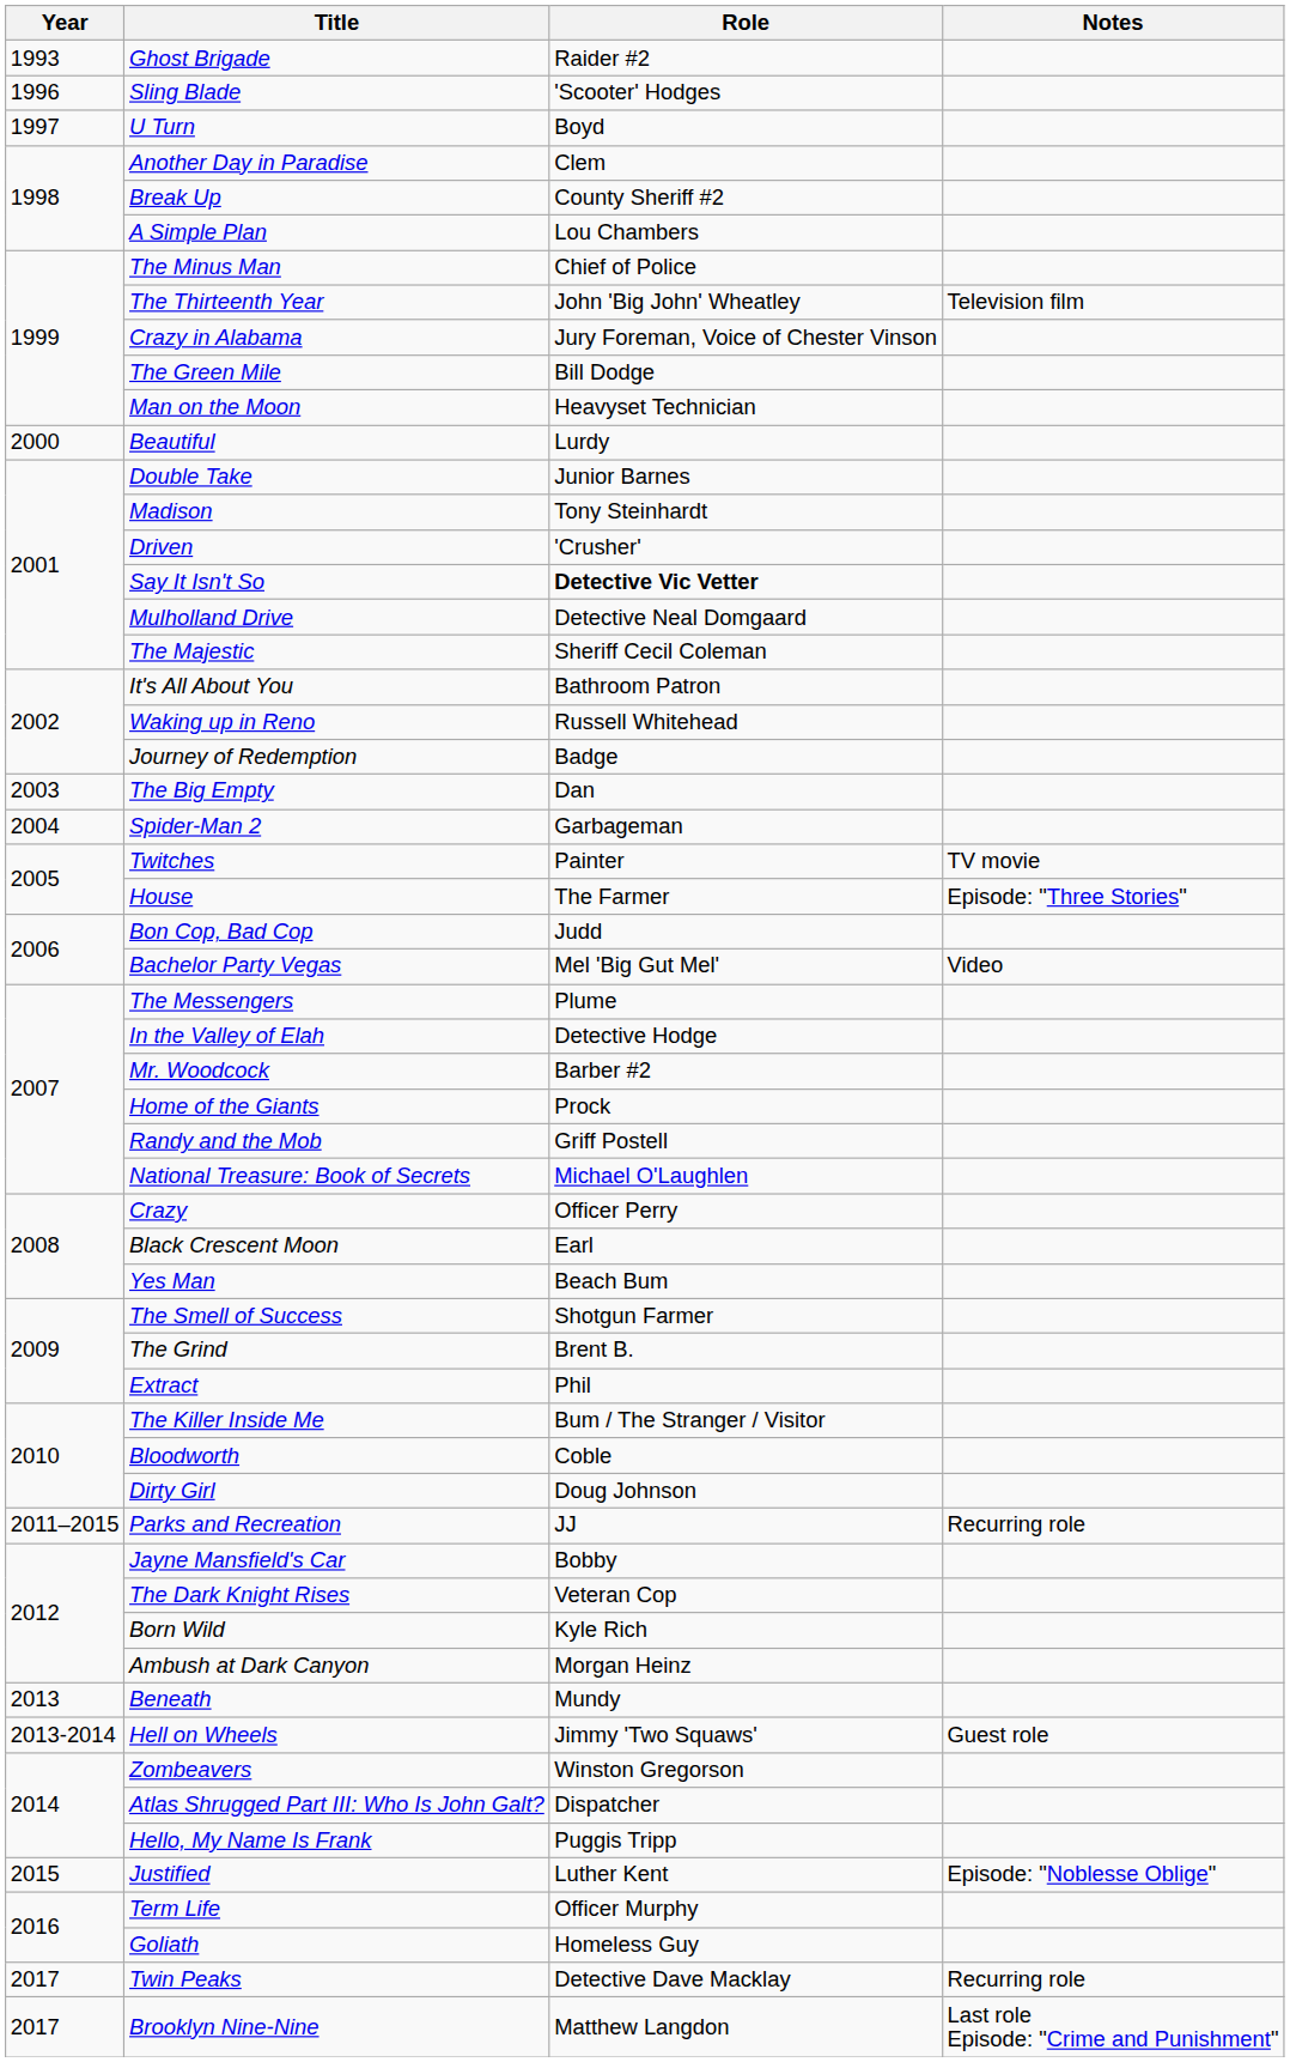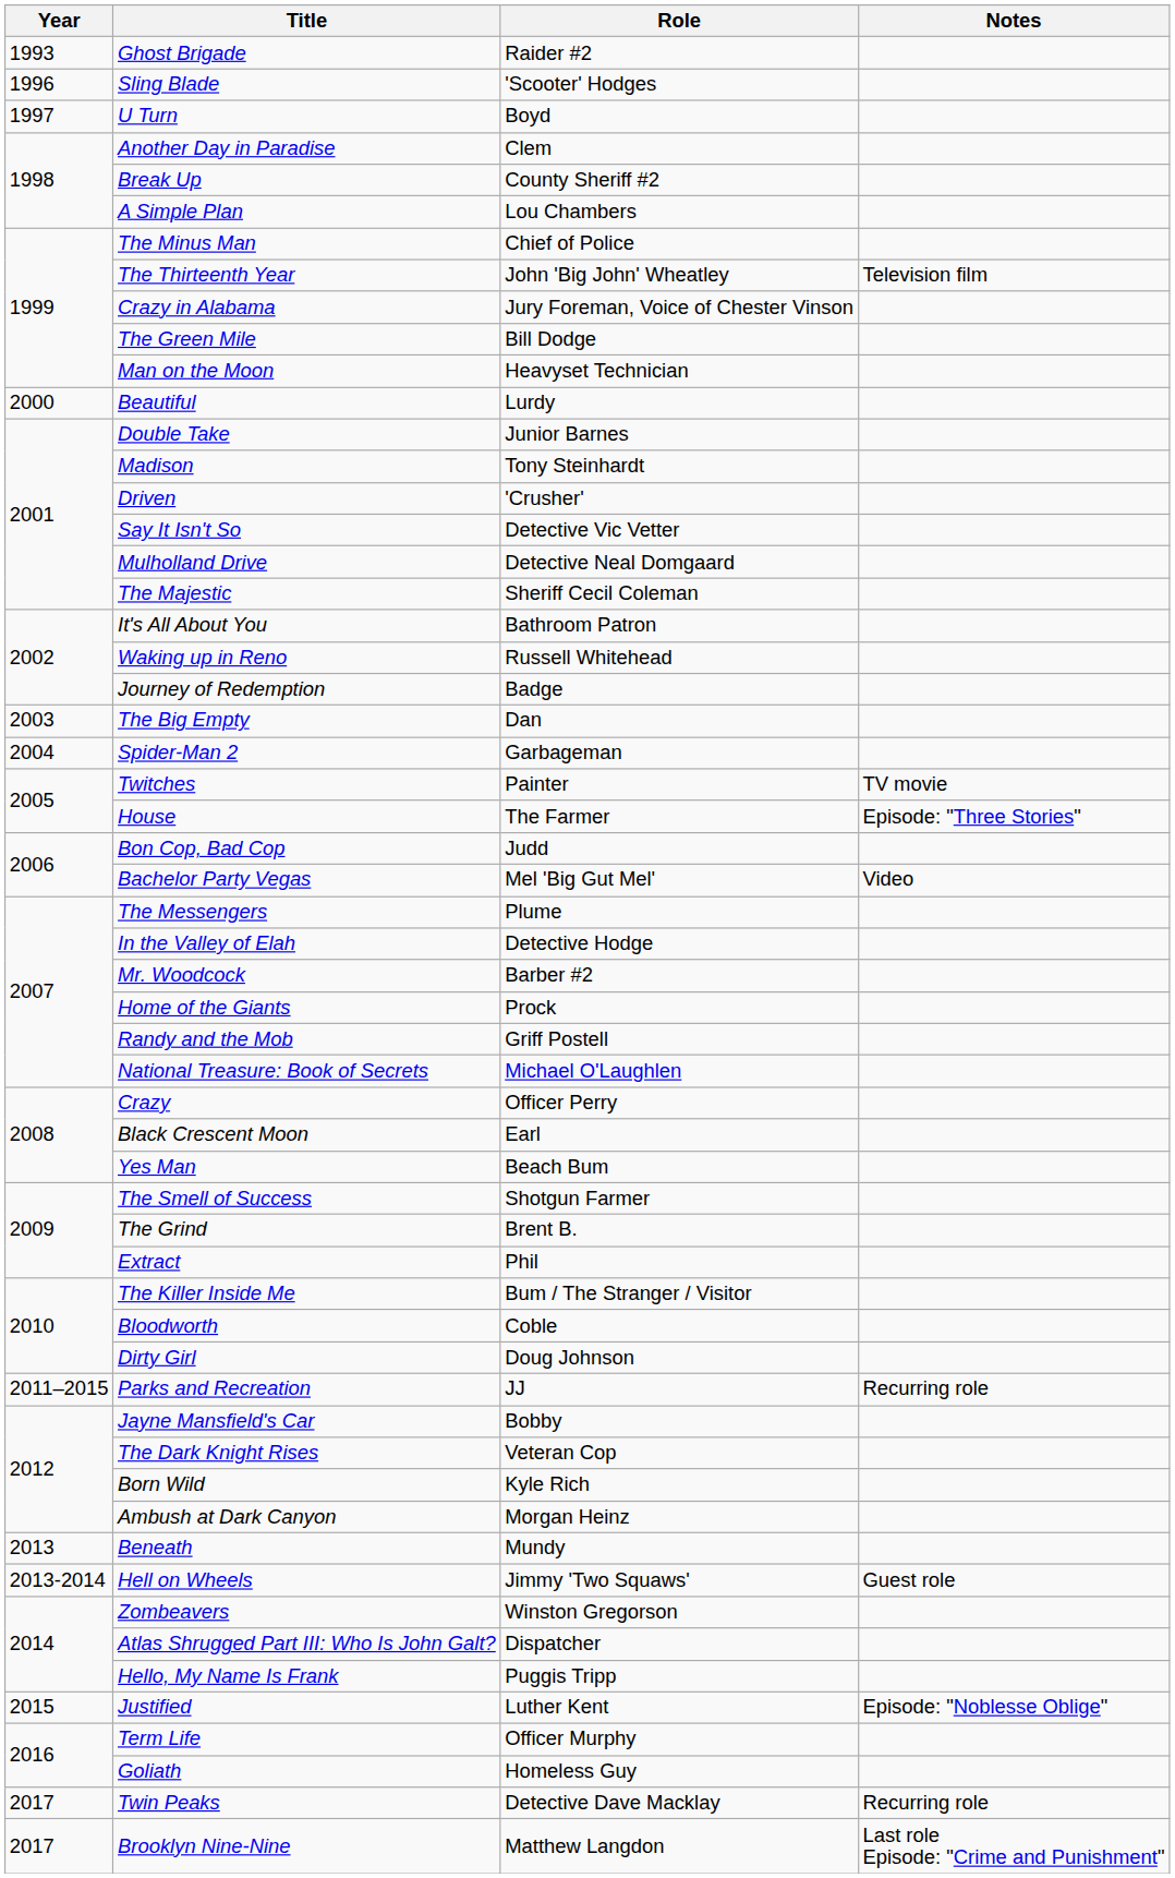 <table class=wikitable>
 <tr>
 <th>Year</th>
 <th>Title</th>
 <th>Role</th>
 <th>Notes</th>
 </tr>
 <tr>
 <td>1993</td>
 <td><em><a href='#'>Ghost Brigade</a></em></td>
 <td>Raider #2</td>
 <td></td>
 </tr>
 <tr>
 <td>1996</td>
 <td><em><a href='#'>Sling Blade</a></em></td>
 <td>'Scooter' Hodges</td>
 <td></td>
 </tr>
 <tr>
 <td>1997</td>
 <td><em><a href='#'>U Turn</a></em></td>
 <td>Boyd</td>
 <td></td>
 </tr>
 <tr>
 <td rowspan=3>1998</td>
 <td><em><a href='#'>Another Day in Paradise</a></em></td>
 <td>Clem</td>
 <td></td>
 </tr>
 <tr>
 <td><em><a href='#'>Break Up</a></em></td>
 <td>County Sheriff #2</td>
 <td></td>
 </tr>
 <tr>
 <td><em><a href='#'>A Simple Plan</a></em></td>
 <td>Lou Chambers</td>
 <td></td>
 </tr>
 <tr>
 <td rowspan=5>1999</td>
 <td><em><a href='#'>The Minus Man</a></em></td>
 <td>Chief of Police</td>
 <td></td>
 </tr>
 <tr>
 <td><em><a href='#'>The Thirteenth Year</a></em></td>
 <td>John 'Big John' Wheatley</td>
 <td>Television film</td>
 </tr>
 <tr>
 <td><em><a href='#'>Crazy in Alabama</a></em></td>
 <td>Jury Foreman, Voice of Chester Vinson</td>
 <td></td>
 </tr>
 <tr>
 <td><em> <a href='#'>The Green Mile</a></em></td>
 <td>Bill Dodge</td>
 <td></td>
 </tr>
 <tr>
 <td><em><a href='#'>Man on the Moon</a></em></td>
 <td>Heavyset Technician</td>
 <td></td>
 </tr>
 <tr>
 <td>2000</td>
 <td><em><a href='#'>Beautiful</a></em></td>
 <td>Lurdy</td>
 <td></td>
 </tr>
 <tr>
 <td rowspan=6>2001</td>
 <td><em><a href='#'>Double Take</a></em></td>
 <td>Junior Barnes</td>
 <td></td>
 </tr>
 <tr>
 <td><em><a href='#'>Madison</a></em></td>
 <td>Tony Steinhardt</td>
 <td></td>
 </tr>
 <tr>
 <td><em><a href='#'>Driven</a></em></td>
 <td>'Crusher'</td>
 <td></td>
 </tr>
 <tr>
 <td><em><a href='#'>Say It Isn't So</a></em></td>
-<td><strong>Detective Vic Vetter</strong></td>
+<td>Detective Vic Vetter</td>
 <td></td>
 </tr>
 <tr>
 <td><em><a href='#'>Mulholland Drive</a></em></td>
 <td>Detective Neal Domgaard</td>
 <td></td>
 </tr>
 <tr>
 <td><em><a href='#'>The Majestic</a></em></td>
 <td>Sheriff Cecil Coleman</td>
 <td></td>
 </tr>
 <tr>
 <td rowspan=3>2002</td>
 <td><em>It's All About You</em></td>
 <td>Bathroom Patron</td>
 <td></td>
 </tr>
 <tr>
 <td><em><a href='#'>Waking up in Reno</a></em></td>
 <td>Russell Whitehead</td>
 <td></td>
 </tr>
 <tr>
 <td><em>Journey of Redemption</em></td>
 <td>Badge</td>
 <td></td>
 </tr>
 <tr>
 <td>2003</td>
 <td><em><a href='#'>The Big Empty</a></em></td>
 <td>Dan</td>
 <td></td>
 </tr>
 <tr>
 <td>2004</td>
 <td><em><a href='#'>Spider-Man 2</a></em></td>
 <td>Garbageman</td>
 <td></td>
 </tr>
 <tr>
 <td rowspan="2">2005</td>
 <td><em><a href='#'>Twitches</a></em></td>
 <td>Painter</td>
 <td>TV movie</td>
 </tr>
 <tr>
 <td><em><a href='#'>House</a></em></td>
 <td>The Farmer</td>
 <td>Episode: "<a href='#'>Three Stories</a>"</td>
 </tr>
 <tr>
 <td rowspan=2>2006</td>
 <td><em><a href='#'>Bon Cop, Bad Cop</a></em></td>
 <td>Judd</td>
 <td></td>
 </tr>
 <tr>
 <td><em><a href='#'>Bachelor Party Vegas</a></em></td>
 <td>Mel 'Big Gut Mel'</td>
 <td>Video</td>
 </tr>
 <tr>
 <td rowspan=6>2007</td>
 <td><em><a href='#'>The Messengers</a></em></td>
 <td>Plume</td>
 <td></td>
 </tr>
 <tr>
 <td><em><a href='#'>In the Valley of Elah</a></em></td>
 <td>Detective Hodge</td>
 <td></td>
 </tr>
 <tr>
 <td><em><a href='#'>Mr. Woodcock</a></em></td>
 <td>Barber #2</td>
 <td></td>
 </tr>
 <tr>
 <td><em><a href='#'>Home of the Giants</a></em></td>
 <td>Prock</td>
 <td></td>
 </tr>
 <tr>
 <td><em><a href='#'>Randy and the Mob</a></em></td>
 <td>Griff Postell</td>
 <td></td>
 </tr>
 <tr>
 <td><em><a href='#'>National Treasure: Book of Secrets</a></em></td>
 <td><a href='#'>Michael O'Laughlen</a></td>
 <td></td>
 </tr>
 <tr>
 <td rowspan=3>2008</td>
 <td><em><a href='#'>Crazy</a></em></td>
 <td>Officer Perry</td>
 <td></td>
 </tr>
 <tr>
 <td><em>Black Crescent Moon</em></td>
 <td>Earl</td>
 <td></td>
 </tr>
 <tr>
 <td><em><a href='#'>Yes Man</a></em></td>
 <td>Beach Bum</td>
 <td></td>
 </tr>
 <tr>
 <td rowspan=3>2009</td>
 <td><em><a href='#'>The Smell of Success</a></em></td>
 <td>Shotgun Farmer</td>
 <td></td>
 </tr>
 <tr>
 <td><em>The Grind</em></td>
 <td>Brent B.</td>
 <td></td>
 </tr>
 <tr>
 <td><em><a href='#'>Extract</a></em></td>
 <td>Phil</td>
 <td></td>
 </tr>
 <tr>
 <td rowspan=3>2010</td>
 <td><em><a href='#'>The Killer Inside Me</a></em></td>
 <td>Bum / The Stranger / Visitor</td>
 <td></td>
 </tr>
 <tr>
 <td><em><a href='#'>Bloodworth</a></em></td>
 <td>Coble</td>
 <td></td>
 </tr>
 <tr>
 <td><em><a href='#'>Dirty Girl</a></em></td>
 <td>Doug Johnson</td>
 <td></td>
 </tr>
 <tr>
 <td>2011–2015</td>
 <td><em><a href='#'>Parks and Recreation</a></em></td>
 <td>JJ</td>
 <td>Recurring role</td>
 </tr>
 <tr>
 <td rowspan=4>2012</td>
 <td><em><a href='#'>Jayne Mansfield's Car</a></em></td>
 <td>Bobby</td>
 <td></td>
 </tr>
 <tr>
 <td><em><a href='#'>The Dark Knight Rises</a></em></td>
 <td>Veteran Cop</td>
 <td></td>
 </tr>
 <tr>
 <td><em>Born Wild</em></td>
 <td>Kyle Rich</td>
 <td></td>
 </tr>
 <tr>
 <td><em>Ambush at Dark Canyon</em></td>
 <td>Morgan Heinz</td>
 <td></td>
 </tr>
 <tr>
 <td>2013</td>
 <td><em><a href='#'>Beneath</a></em></td>
 <td>Mundy</td>
 <td></td>
 </tr>
 <tr>
 <td>2013-2014</td>
 <td><em><a href='#'>Hell on Wheels</a></em></td>
 <td>Jimmy 'Two Squaws'</td>
 <td>Guest role</td>
 </tr>
 <tr>
 <td rowspan=3>2014</td>
 <td><em><a href='#'>Zombeavers</a></em></td>
 <td>Winston Gregorson</td>
 <td></td>
 </tr>
 <tr>
 <td><em><a href='#'>Atlas Shrugged Part III: Who Is John Galt?</a></em></td>
 <td>Dispatcher</td>
 <td></td>
 </tr>
 <tr>
 <td><em><a href='#'>Hello, My Name Is Frank</a></em></td>
 <td>Puggis Tripp</td>
 <td></td>
 </tr>
 <tr>
 <td>2015</td>
 <td><em><a href='#'>Justified</a></em></td>
 <td>Luther Kent</td>
 <td>Episode: "<a href='#'>Noblesse Oblige</a>"</td>
 </tr>
 <tr>
 <td rowspan=2>2016</td>
 <td><em><a href='#'>Term Life</a></em></td>
 <td>Officer Murphy</td>
 <td></td>
 </tr>
 <tr>
 <td><em><a href='#'>Goliath</a></em></td>
 <td>Homeless Guy</td>
 <td></td>
 </tr>
 <tr>
 <td>2017</td>
 <td><em><a href='#'>Twin Peaks</a></em></td>
 <td>Detective Dave Macklay</td>
 <td>Recurring role</td>
 </tr>
 <tr>
 <td>2017</td>
 <td><em><a href='#'>Brooklyn Nine-Nine</a></em></td>
 <td>Matthew Langdon</td>
 <td>Last role <br> Episode: "<a href='#'>Crime and Punishment</a>"</td>
 </tr>
 </table>
